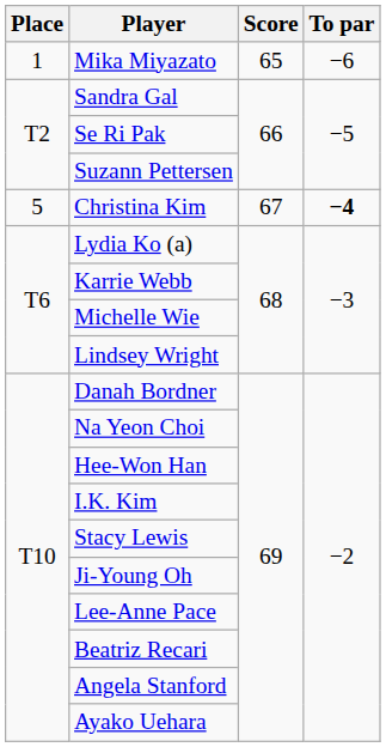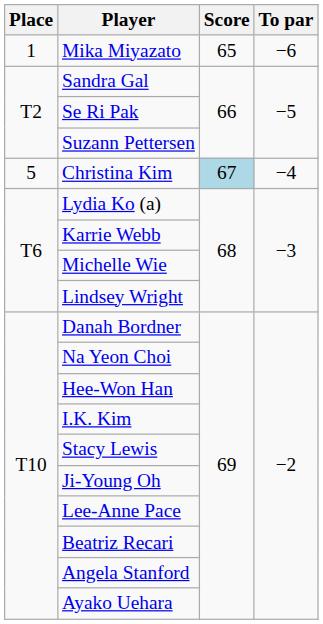 <table class="wikitable">
 <tr>
 <th>Place</th>
 <th>Player</th>
 <th>Score</th>
 <th>To par</th>
 </tr>
 <tr>
 <td align=center>1</td>
 <td> <a href='#'>Mika Miyazato</a></td>
 <td align=center>65</td>
 <td align=center>−6</td>
 </tr>
 <tr>
 <td align=center rowspan=3>T2</td>
 <td> <a href='#'>Sandra Gal</a></td>
 <td align=center rowspan=3>66</td>
 <td align=center rowspan=3>−5</td>
 </tr>
 <tr>
 <td> <a href='#'>Se Ri Pak</a></td>
 </tr>
 <tr>
 <td> <a href='#'>Suzann Pettersen</a></td>
 </tr>
 <tr>
 <td align=center>5</td>
 <td> <a href='#'>Christina Kim</a></td>
-<td align=center>67</td>
-<td align=center><strong>−4</strong></td>
+<td align=center style="background: lightblue;">67</td>
+<td align=center>−4</td>
 </tr>
 <tr>
 <td align=center rowspan=4>T6</td>
 <td> <a href='#'>Lydia Ko</a> (a)</td>
 <td align=center rowspan=4>68</td>
 <td align=center rowspan=4>−3</td>
 </tr>
 <tr>
 <td> <a href='#'>Karrie Webb</a></td>
 </tr>
 <tr>
 <td> <a href='#'>Michelle Wie</a></td>
 </tr>
 <tr>
 <td> <a href='#'>Lindsey Wright</a></td>
 </tr>
 <tr>
 <td align=center rowspan=10>T10</td>
 <td> <a href='#'>Danah Bordner</a></td>
 <td align=center rowspan=10>69</td>
 <td align=center rowspan=10>−2</td>
 </tr>
 <tr>
 <td> <a href='#'>Na Yeon Choi</a></td>
 </tr>
 <tr>
 <td> <a href='#'>Hee-Won Han</a></td>
 </tr>
 <tr>
 <td> <a href='#'>I.K. Kim</a></td>
 </tr>
 <tr>
 <td> <a href='#'>Stacy Lewis</a></td>
 </tr>
 <tr>
 <td> <a href='#'>Ji-Young Oh</a></td>
 </tr>
 <tr>
 <td> <a href='#'>Lee-Anne Pace</a></td>
 </tr>
 <tr>
 <td> <a href='#'>Beatriz Recari</a></td>
 </tr>
 <tr>
 <td> <a href='#'>Angela Stanford</a></td>
 </tr>
 <tr>
 <td> <a href='#'>Ayako Uehara</a></td>
 </tr>
 </table>
